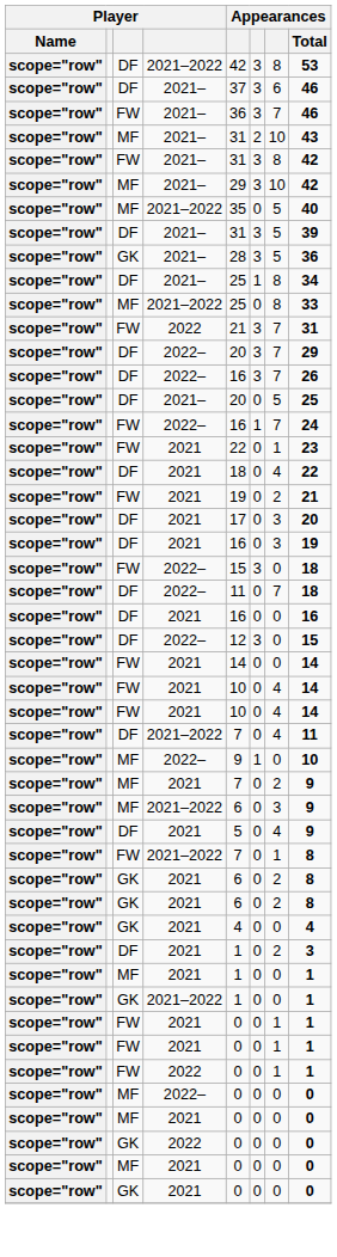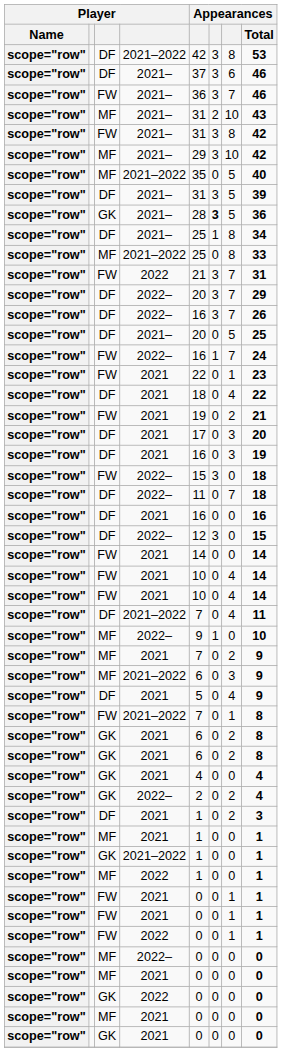 <table class="wikitable plainrowheaders sortable" style="text-align:center;">
 <tr>
 <th colspan=4 scope="colgroup">Player</th>
 <th colspan=4 scope="colgroup">Appearances</th>
 </tr>
 <tr>
 <th scope="col">Name</th>
 <th scope="col"></th>
 <th scope="col"></th>
 <th scope="col"></th>
 <th scope="col"></th>
 <th scope="col"></th>
 <th scope="col"></th>
 <th scope="col">Total</th>
 </tr>
 <tr>
 <th>scope="row" </th>
 <td></td>
 <td>DF</td>
 <td>2021–2022</td>
 <td>42</td>
 <td>3</td>
 <td>8</td>
 <td><strong>53</strong></td>
 </tr>
 <tr>
 <th>scope="row" <strong></strong></th>
 <td></td>
 <td>DF</td>
 <td>2021–</td>
 <td>37</td>
 <td>3</td>
 <td>6</td>
 <td><strong>46</strong></td>
 </tr>
 <tr>
 <th>scope="row" <strong></strong></th>
 <td></td>
 <td>FW</td>
 <td>2021–</td>
 <td>36</td>
 <td>3</td>
 <td>7</td>
 <td><strong>46</strong></td>
 </tr>
 <tr>
 <th>scope="row" <strong></strong></th>
 <td></td>
 <td>MF</td>
 <td>2021–</td>
 <td>31</td>
 <td>2</td>
 <td>10</td>
 <td><strong>43</strong></td>
 </tr>
 <tr>
 <th>scope="row" <strong></strong></th>
 <td></td>
 <td>FW</td>
 <td>2021–</td>
 <td>31</td>
 <td>3</td>
 <td>8</td>
 <td><strong>42</strong></td>
 </tr>
 <tr>
 <th>scope="row" <strong></strong></th>
 <td></td>
 <td>MF</td>
 <td>2021–</td>
 <td>29</td>
 <td>3</td>
 <td>10</td>
 <td><strong>42</strong></td>
 </tr>
 <tr>
 <th>scope="row" </th>
 <td></td>
 <td>MF</td>
 <td>2021–2022</td>
 <td>35</td>
 <td>0</td>
 <td>5</td>
 <td><strong>40</strong></td>
 </tr>
 <tr>
 <th>scope="row" <strong></strong></th>
 <td></td>
 <td>DF</td>
 <td>2021–</td>
 <td>31</td>
 <td>3</td>
 <td>5</td>
 <td><strong>39</strong></td>
 </tr>
 <tr>
 <th>scope="row" <strong></strong></th>
 <td></td>
 <td>GK</td>
 <td>2021–</td>
 <td>28</td>
-<td>3</td>
+<td><strong>3</strong></td>
 <td>5</td>
 <td><strong>36</strong></td>
 </tr>
 <tr>
 <th>scope="row" <strong></strong></th>
 <td></td>
 <td>DF</td>
 <td>2021–</td>
 <td>25</td>
 <td>1</td>
 <td>8</td>
 <td><strong>34</strong></td>
 </tr>
 <tr>
 <th>scope="row" </th>
 <td></td>
 <td>MF</td>
 <td>2021–2022</td>
 <td>25</td>
 <td>0</td>
 <td>8</td>
 <td><strong>33</strong></td>
 </tr>
 <tr>
 <th>scope="row" </th>
 <td></td>
 <td>FW</td>
 <td>2022</td>
 <td>21</td>
 <td>3</td>
 <td>7</td>
 <td><strong>31</strong></td>
 </tr>
 <tr>
 <th>scope="row" <strong></strong></th>
 <td></td>
 <td>DF</td>
 <td>2022–</td>
 <td>20</td>
 <td>3</td>
 <td>7</td>
 <td><strong>29</strong></td>
 </tr>
 <tr>
 <th>scope="row" <strong></strong></th>
 <td></td>
 <td>DF</td>
 <td>2022–</td>
 <td>16</td>
 <td>3</td>
 <td>7</td>
 <td><strong>26</strong></td>
 </tr>
 <tr>
 <th>scope="row" <strong></strong></th>
 <td></td>
 <td>DF</td>
 <td>2021–</td>
 <td>20</td>
 <td>0</td>
 <td>5</td>
 <td><strong>25</strong></td>
 </tr>
 <tr>
 <th>scope="row" <strong></strong></th>
 <td></td>
 <td>FW</td>
 <td>2022–</td>
 <td>16</td>
 <td>1</td>
 <td>7</td>
 <td><strong>24</strong></td>
 </tr>
 <tr>
 <th>scope="row" </th>
 <td></td>
 <td>FW</td>
 <td>2021</td>
 <td>22</td>
 <td>0</td>
 <td>1</td>
 <td><strong>23</strong></td>
 </tr>
 <tr>
 <th>scope="row" </th>
 <td></td>
 <td>DF</td>
 <td>2021</td>
 <td>18</td>
 <td>0</td>
 <td>4</td>
 <td><strong>22</strong></td>
 </tr>
 <tr>
 <th>scope="row" </th>
 <td></td>
 <td>FW</td>
 <td>2021</td>
 <td>19</td>
 <td>0</td>
 <td>2</td>
 <td><strong>21</strong></td>
 </tr>
 <tr>
 <th>scope="row" </th>
 <td></td>
 <td>DF</td>
 <td>2021</td>
 <td>17</td>
 <td>0</td>
 <td>3</td>
 <td><strong>20</strong></td>
 </tr>
 <tr>
 <th>scope="row" </th>
 <td></td>
 <td>DF</td>
 <td>2021</td>
 <td>16</td>
 <td>0</td>
 <td>3</td>
 <td><strong>19</strong></td>
 </tr>
 <tr>
 <th>scope="row" <strong></strong></th>
 <td></td>
 <td>FW</td>
 <td>2022–</td>
 <td>15</td>
 <td>3</td>
 <td>0</td>
 <td><strong>18</strong></td>
 </tr>
 <tr>
 <th>scope="row" <strong></strong></th>
 <td></td>
 <td>DF</td>
 <td>2022–</td>
 <td>11</td>
 <td>0</td>
 <td>7</td>
 <td><strong>18</strong></td>
 </tr>
 <tr>
 <th>scope="row" </th>
 <td></td>
 <td>DF</td>
 <td>2021</td>
 <td>16</td>
 <td>0</td>
 <td>0</td>
 <td><strong>16</strong></td>
 </tr>
 <tr>
 <th>scope="row" <strong></strong></th>
 <td></td>
 <td>DF</td>
 <td>2022–</td>
 <td>12</td>
 <td>3</td>
 <td>0</td>
 <td><strong>15</strong></td>
 </tr>
 <tr>
 <th>scope="row" </th>
 <td></td>
 <td>FW</td>
 <td>2021</td>
 <td>14</td>
 <td>0</td>
 <td>0</td>
 <td><strong>14</strong></td>
 </tr>
 <tr>
 <th>scope="row" </th>
 <td></td>
 <td>FW</td>
 <td>2021</td>
 <td>10</td>
 <td>0</td>
 <td>4</td>
 <td><strong>14</strong></td>
 </tr>
 <tr>
 <th>scope="row" </th>
 <td></td>
 <td>FW</td>
 <td>2021</td>
 <td>10</td>
 <td>0</td>
 <td>4</td>
 <td><strong>14</strong></td>
 </tr>
 <tr>
 <th>scope="row" </th>
 <td></td>
 <td>DF</td>
 <td>2021–2022</td>
 <td>7</td>
 <td>0</td>
 <td>4</td>
 <td><strong>11</strong></td>
 </tr>
 <tr>
 <th>scope="row" <strong></strong></th>
 <td></td>
 <td>MF</td>
 <td>2022–</td>
 <td>9</td>
 <td>1</td>
 <td>0</td>
 <td><strong>10</strong></td>
 </tr>
 <tr>
 <th>scope="row" </th>
 <td></td>
 <td>MF</td>
 <td>2021</td>
 <td>7</td>
 <td>0</td>
 <td>2</td>
 <td><strong>9</strong></td>
 </tr>
 <tr>
 <th>scope="row" </th>
 <td></td>
 <td>MF</td>
 <td>2021–2022</td>
 <td>6</td>
 <td>0</td>
 <td>3</td>
 <td><strong>9</strong></td>
 </tr>
 <tr>
 <th>scope="row" </th>
 <td></td>
 <td>DF</td>
 <td>2021</td>
 <td>5</td>
 <td>0</td>
 <td>4</td>
 <td><strong>9</strong></td>
 </tr>
 <tr>
 <th>scope="row" </th>
 <td></td>
 <td>FW</td>
 <td>2021–2022</td>
 <td>7</td>
 <td>0</td>
 <td>1</td>
 <td><strong>8</strong></td>
 </tr>
 <tr>
 <th>scope="row" </th>
 <td></td>
 <td>GK</td>
 <td>2021</td>
 <td>6</td>
 <td>0</td>
 <td>2</td>
 <td><strong>8</strong></td>
 </tr>
 <tr>
 <th>scope="row" </th>
 <td></td>
 <td>GK</td>
 <td>2021</td>
 <td>6</td>
 <td>0</td>
 <td>2</td>
 <td><strong>8</strong></td>
 </tr>
 <tr>
 <th>scope="row" </th>
 <td></td>
 <td>GK</td>
 <td>2021</td>
 <td>4</td>
 <td>0</td>
 <td>0</td>
 <td><strong>4</strong></td>
 </tr>
 <tr>
+<th>scope="row" <strong></strong></th>
+<td></td>
+<td>GK</td>
+<td>2022–</td>
+<td>2</td>
+<td>0</td>
+<td>2</td>
+<td><strong>4</strong></td>
+</tr>
+<tr>
 <th>scope="row" </th>
 <td></td>
 <td>DF</td>
 <td>2021</td>
 <td>1</td>
 <td>0</td>
 <td>2</td>
 <td><strong>3</strong></td>
 </tr>
 <tr>
 <th>scope="row" </th>
 <td></td>
 <td>MF</td>
 <td>2021</td>
 <td>1</td>
 <td>0</td>
 <td>0</td>
 <td><strong>1</strong></td>
 </tr>
 <tr>
 <th>scope="row" </th>
 <td></td>
 <td>GK</td>
 <td>2021–2022</td>
+<td>1</td>
+<td>0</td>
+<td>0</td>
+<td><strong>1</strong></td>
+</tr>
+<tr>
+<th>scope="row" </th>
+<td></td>
+<td>MF</td>
+<td>2022</td>
 <td>1</td>
 <td>0</td>
 <td>0</td>
 <td><strong>1</strong></td>
 </tr>
 <tr>
 <th>scope="row" </th>
 <td></td>
 <td>FW</td>
 <td>2021</td>
 <td>0</td>
 <td>0</td>
 <td>1</td>
 <td><strong>1</strong></td>
 </tr>
 <tr>
 <th>scope="row" </th>
 <td></td>
 <td>FW</td>
 <td>2021</td>
 <td>0</td>
 <td>0</td>
 <td>1</td>
 <td><strong>1</strong></td>
 </tr>
 <tr>
 <th>scope="row" </th>
 <td></td>
 <td>FW</td>
 <td>2022</td>
 <td>0</td>
 <td>0</td>
 <td>1</td>
 <td><strong>1</strong></td>
 </tr>
 <tr>
 <th>scope="row" <strong></strong></th>
 <td></td>
 <td>MF</td>
 <td>2022–</td>
 <td>0</td>
 <td>0</td>
 <td>0</td>
 <td><strong>0</strong></td>
 </tr>
 <tr>
 <th>scope="row" </th>
 <td></td>
 <td>MF</td>
 <td>2021</td>
 <td>0</td>
 <td>0</td>
 <td>0</td>
 <td><strong>0</strong></td>
 </tr>
 <tr>
 <th>scope="row" </th>
 <td></td>
 <td>GK</td>
 <td>2022</td>
 <td>0</td>
 <td>0</td>
 <td>0</td>
 <td><strong>0</strong></td>
 </tr>
 <tr>
 <th>scope="row" </th>
 <td></td>
 <td>MF</td>
 <td>2021</td>
 <td>0</td>
 <td>0</td>
 <td>0</td>
 <td><strong>0</strong></td>
 </tr>
 <tr>
 <th>scope="row" </th>
 <td></td>
 <td>GK</td>
 <td>2021</td>
 <td>0</td>
 <td>0</td>
 <td>0</td>
 <td><strong>0</strong></td>
 </tr>
 <tr>
 </tr>
 </table>
